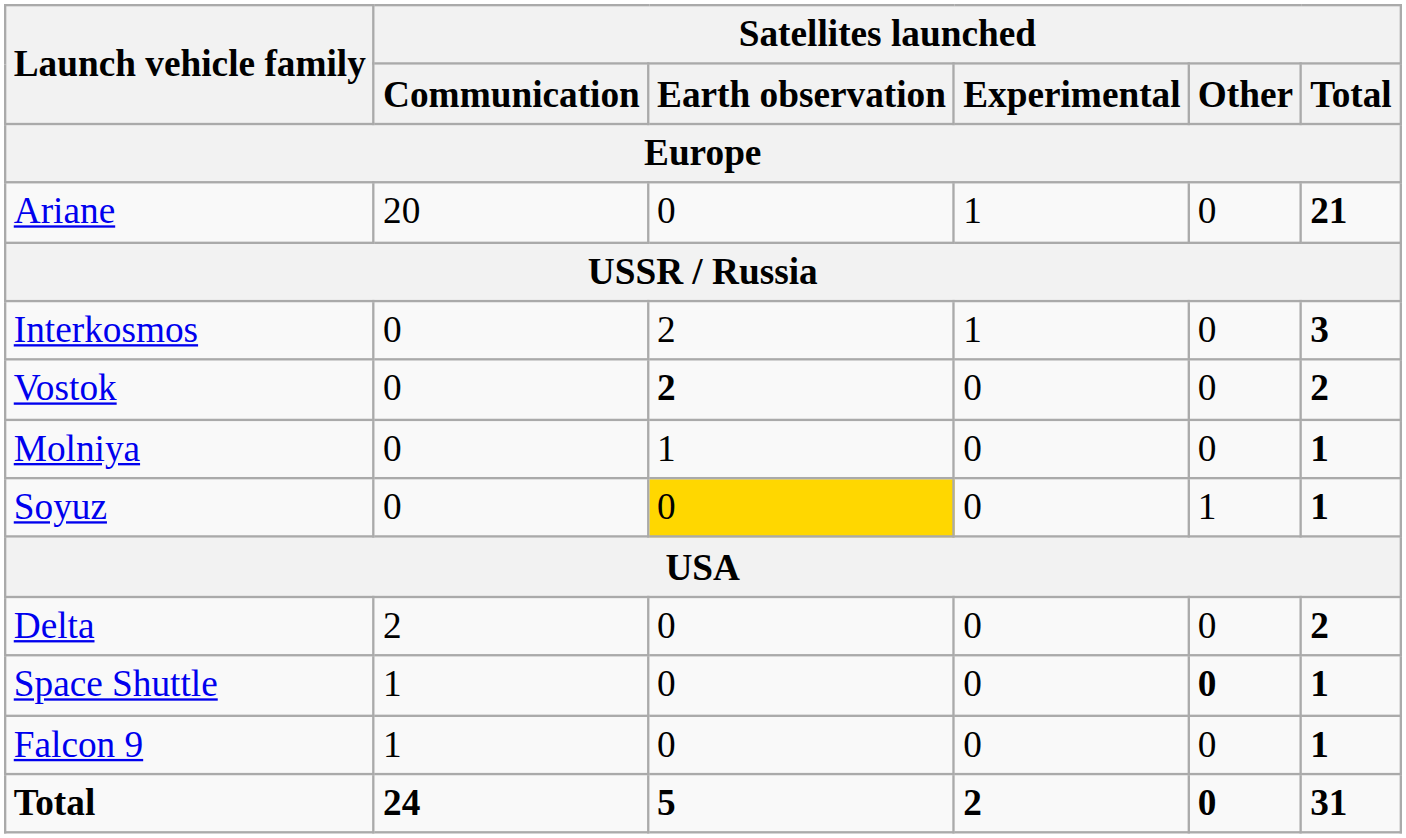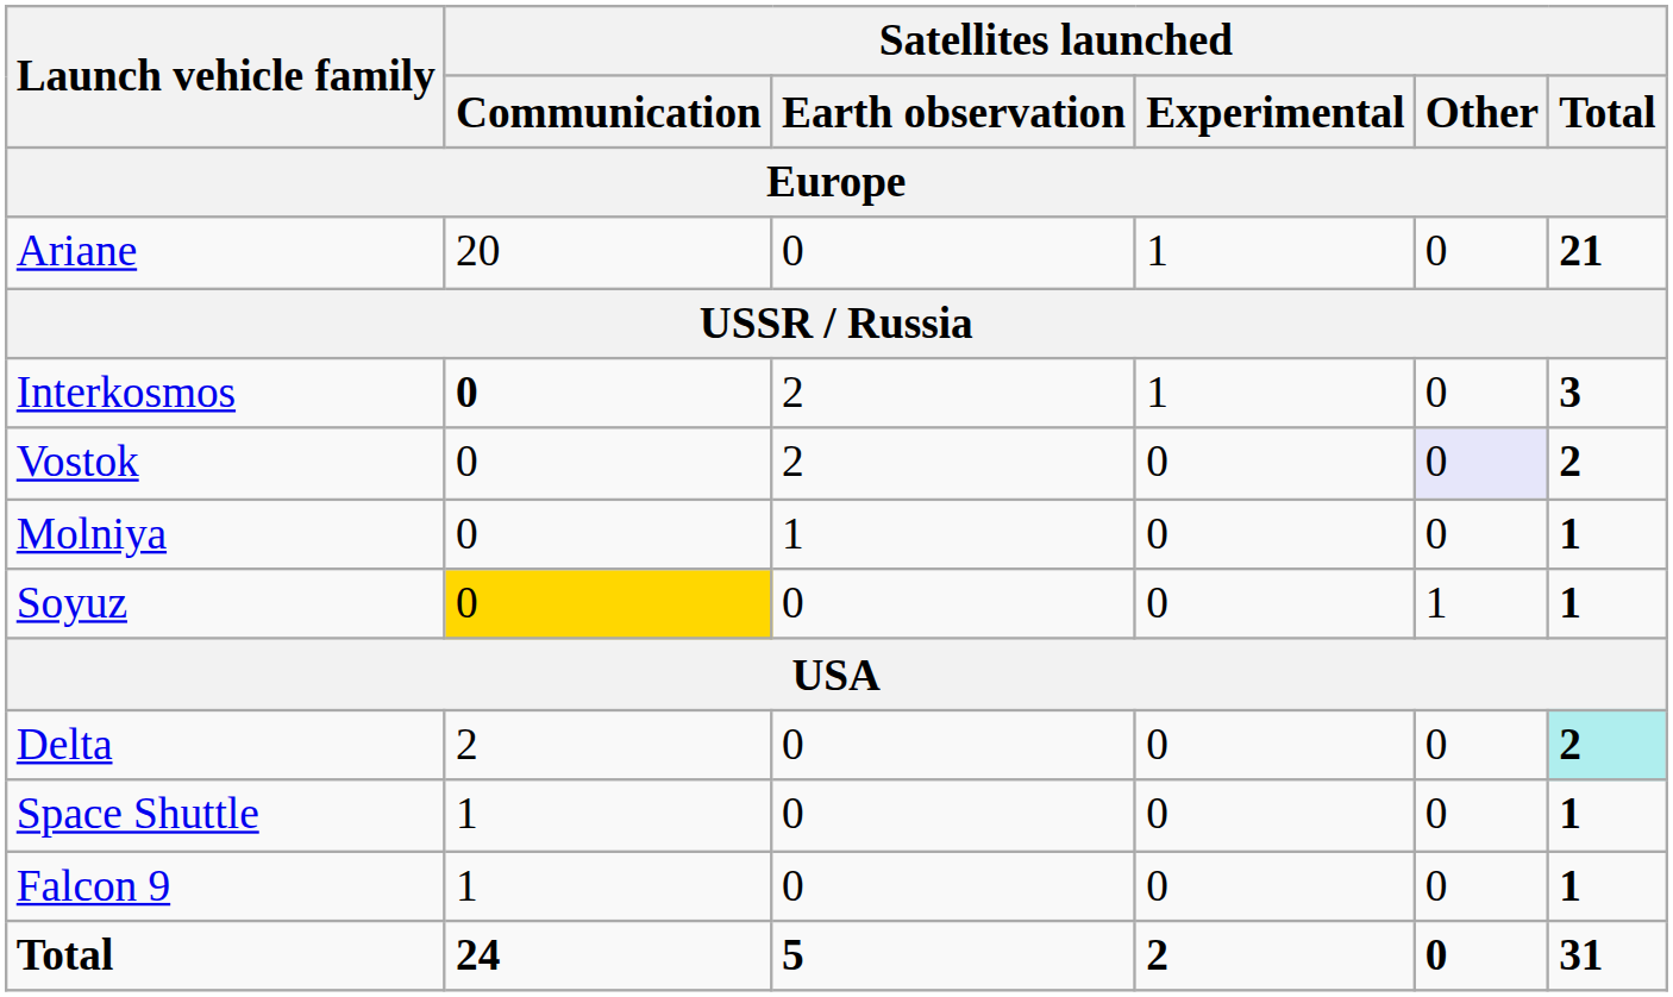 <table class="wikitable">
 <tr>
 <th rowspan = "2">Launch vehicle family</th>
 <th colspan = "5" style = "text-align: center;">Satellites launched</th>
 </tr>
 <tr>
 <th>Communication</th>
 <th>Earth observation</th>
 <th>Experimental</th>
 <th>Other</th>
 <th>Total</th>
 </tr>
 <tr>
 <th colspan="6" style="text-align: center;">Europe</th>
 </tr>
 <tr>
 <td><a href='#'>Ariane</a></td>
 <td>20</td>
 <td>0</td>
 <td>1</td>
 <td>0</td>
 <td><strong>21</strong></td>
 </tr>
 <tr>
 <th colspan="6" style="text-align: center;">USSR / Russia</th>
 </tr>
 <tr>
 <td><a href='#'>Interkosmos</a></td>
-<td>0</td>
+<td><strong>0</strong></td>
 <td>2</td>
 <td>1</td>
 <td>0</td>
 <td><strong>3</strong></td>
 </tr>
 <tr>
 <td><a href='#'>Vostok</a></td>
 <td>0</td>
-<td><strong>2</strong></td>
+<td>2</td>
 <td>0</td>
-<td>0</td>
+<td style="background: lavender;">0</td>
 <td><strong>2</strong></td>
 </tr>
 <tr>
 <td><a href='#'>Molniya</a></td>
 <td>0</td>
 <td>1</td>
 <td>0</td>
 <td>0</td>
 <td><strong>1</strong></td>
 </tr>
 <tr>
 <td><a href='#'>Soyuz</a></td>
+<td style="background: gold;">0</td>
 <td>0</td>
-<td style="background: gold;">0</td>
 <td>0</td>
 <td>1</td>
 <td><strong>1</strong></td>
 </tr>
 <tr>
 <th colspan="6" style="text-align: center;">USA</th>
 </tr>
 <tr>
 <td><a href='#'>Delta</a></td>
 <td>2</td>
 <td>0</td>
 <td>0</td>
 <td>0</td>
-<td><strong>2</strong></td>
+<td style="background: paleturquoise;"><strong>2</strong></td>
 </tr>
 <tr>
 <td><a href='#'>Space Shuttle</a></td>
 <td>1</td>
 <td>0</td>
 <td>0</td>
-<td><strong>0</strong></td>
+<td>0</td>
 <td><strong>1</strong></td>
 </tr>
 <tr>
 <td><a href='#'>Falcon 9</a></td>
 <td>1</td>
 <td>0</td>
 <td>0</td>
 <td>0</td>
 <td><strong>1</strong></td>
 </tr>
 <tr>
 <td><strong>Total</strong></td>
 <td><strong>24</strong></td>
 <td><strong>5</strong></td>
 <td><strong>2</strong></td>
 <td><strong>0</strong></td>
 <td><strong>31</strong></td>
 </tr>
 </table>
